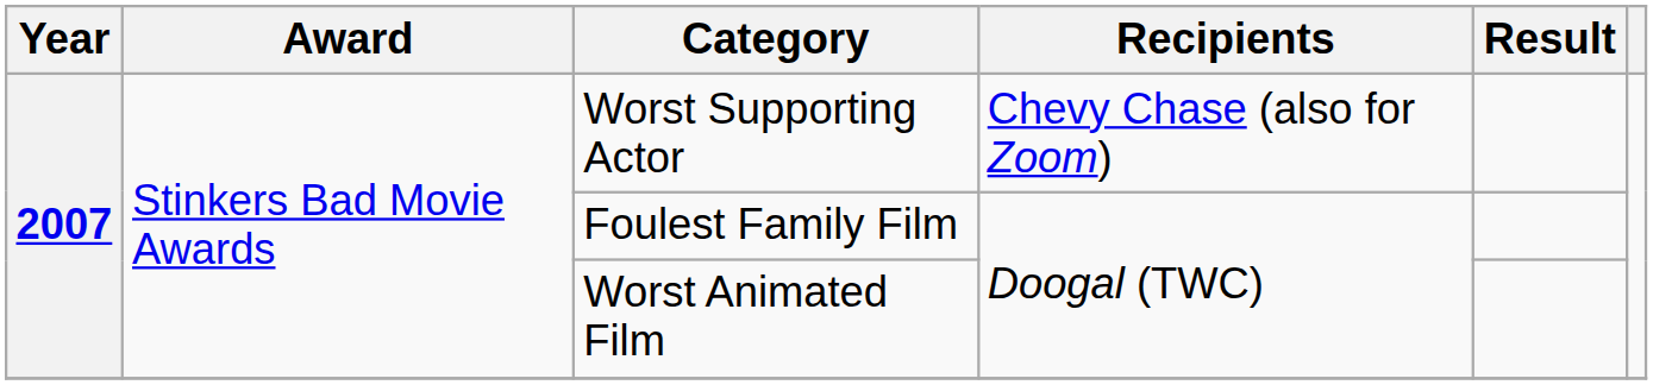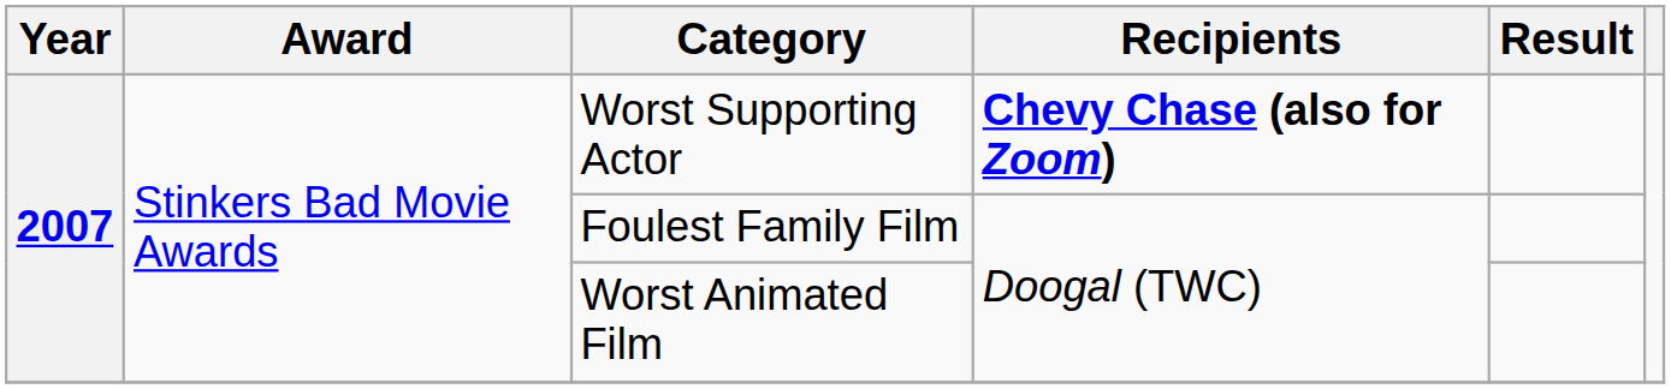 <table class="wikitable plainrowheaders">
 <tr>
 <th scope="col">Year</th>
 <th scope="col">Award</th>
 <th scope="col">Category</th>
 <th scope="col">Recipients</th>
 <th scope="col">Result</th>
 <th scope="col"></th>
 </tr>
 <tr>
 <th scope="row" rowspan="3"><a href='#'>2007</a></th>
 <td rowspan="3"><a href='#'>Stinkers Bad Movie Awards</a></td>
 <td>Worst Supporting Actor</td>
-<td><a href='#'>Chevy Chase</a> (also for <a href='#'><em>Zoom</em></a>)</td>
+<td><strong><a href='#'>Chevy Chase</a> (also for <a href='#'><em>Zoom</em></a>)</strong></td>
 <td></td>
 <td rowspan="3"></td>
 </tr>
 <tr>
 <td>Foulest Family Film</td>
 <td rowspan="2"><em>Doogal</em> (TWC)</td>
 <td></td>
 </tr>
 <tr>
 <td>Worst Animated Film</td>
 <td></td>
 </tr>
 <tr>
 </tr>
 </table>
